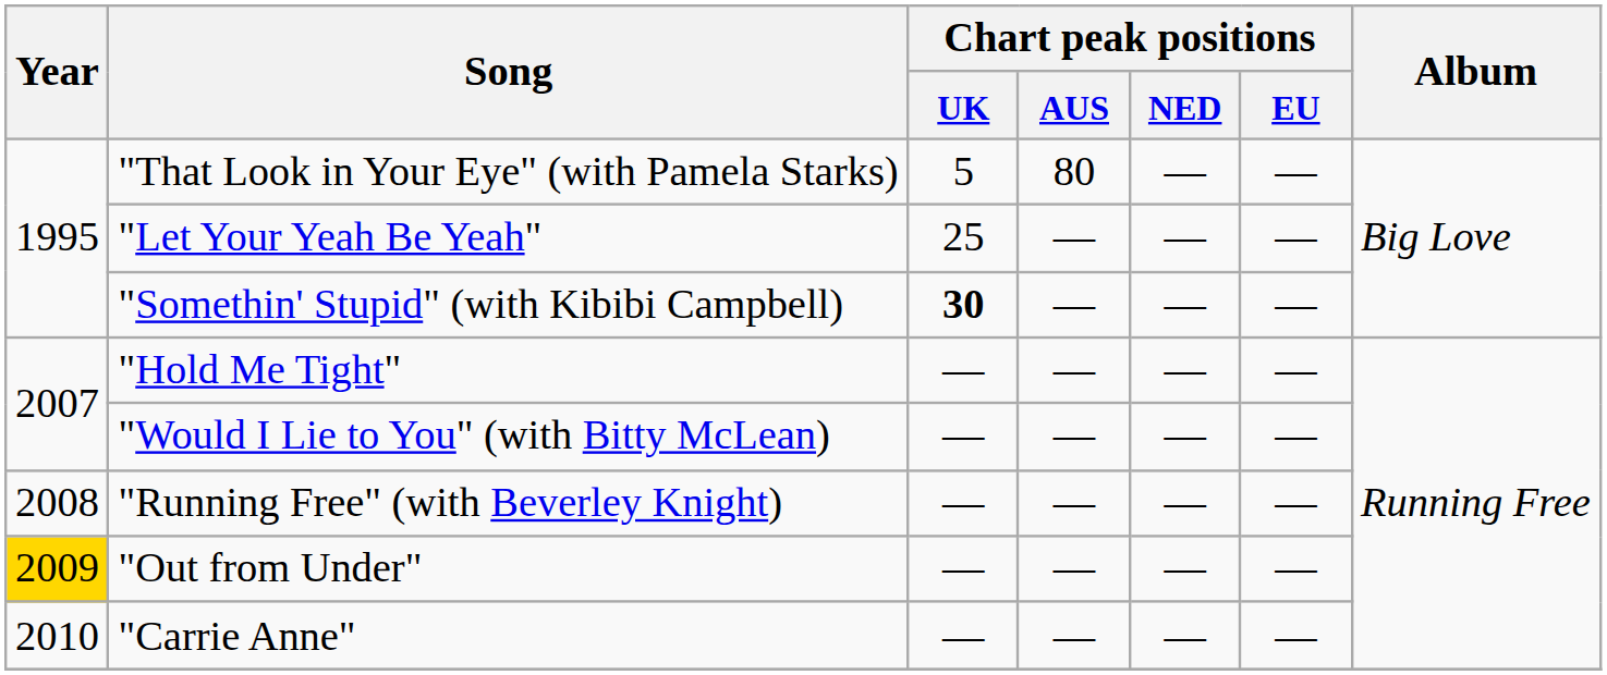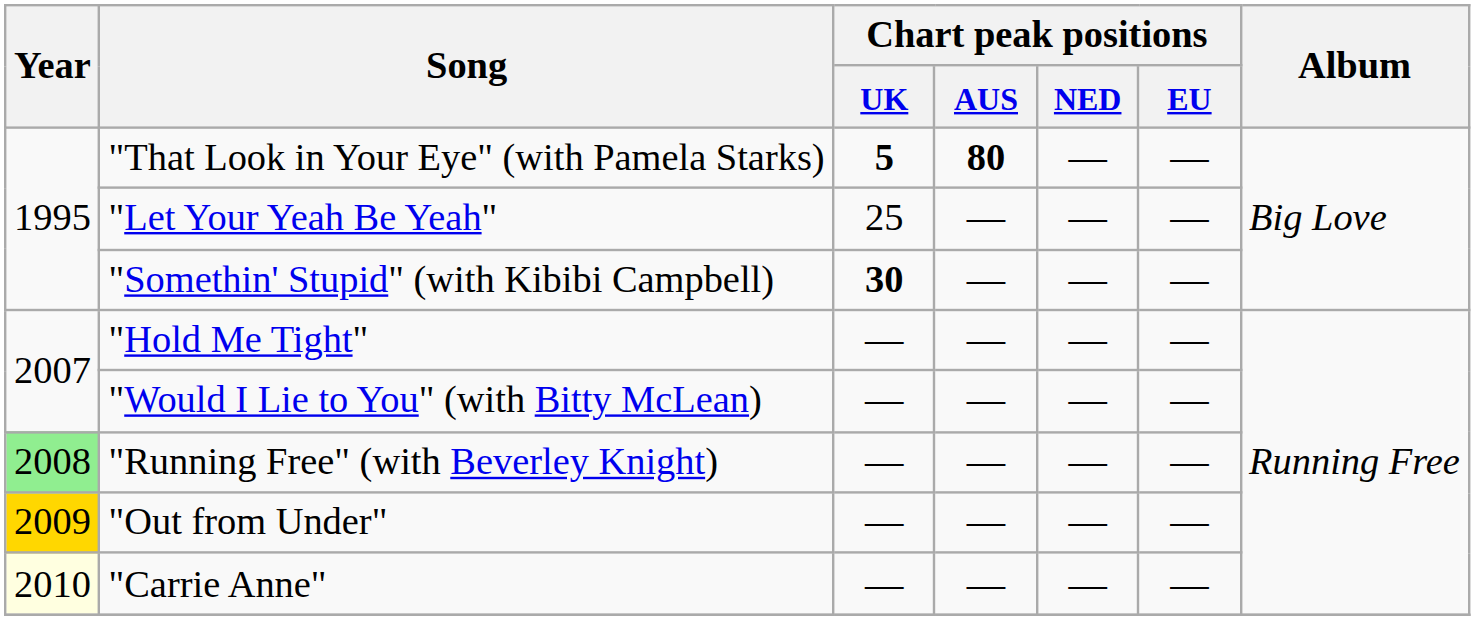 <table class="wikitable">
 <tr>
 <th rowspan="2">Year</th>
 <th rowspan="2">Song</th>
 <th colspan="4">Chart peak positions</th>
 <th rowspan="2">Album</th>
 </tr>
 <tr>
 <th width="35"><small> <a href='#'>UK</a></small><br></th>
 <th width="35"><small> <a href='#'>AUS</a></small><br></th>
 <th width="35"><small> <a href='#'>NED</a></small><br></th>
 <th width="35"><small> <a href='#'>EU</a></small><br></th>
 </tr>
 <tr>
 <td rowspan="3">1995</td>
 <td>"That Look in Your Eye" (with Pamela Starks)</td>
-<td align="center">5</td>
-<td align="center">80</td>
+<td align="center"><strong>5</strong></td>
+<td align="center"><strong>80</strong></td>
 <td align="center">—</td>
 <td align="center">—</td>
 <td rowspan="3"><em>Big Love</em></td>
 </tr>
 <tr>
 <td>"<a href='#'>Let Your Yeah Be Yeah</a>"</td>
 <td align="center">25</td>
 <td align="center">—</td>
 <td align="center">—</td>
 <td align="center">—</td>
 </tr>
 <tr>
 <td>"<a href='#'>Somethin' Stupid</a>" (with Kibibi Campbell)</td>
 <td align="center"><strong>30</strong></td>
 <td align="center">—</td>
 <td align="center">—</td>
 <td align="center">—</td>
 </tr>
 <tr>
 <td rowspan="2">2007</td>
 <td>"<a href='#'>Hold Me Tight</a>"</td>
 <td align="center">—</td>
 <td align="center">—</td>
 <td align="center">—</td>
 <td align="center">—</td>
 <td rowspan="5"><em>Running Free</em></td>
 </tr>
 <tr>
 <td>"<a href='#'>Would I Lie to You</a>" (with <a href='#'>Bitty McLean</a>)</td>
 <td align="center">—</td>
 <td align="center">—</td>
 <td align="center">—</td>
 <td align="center">—</td>
 </tr>
 <tr>
-<td>2008</td>
+<td style="background: lightgreen;">2008</td>
 <td>"Running Free"  (with <a href='#'>Beverley Knight</a>)</td>
 <td align="center">—</td>
 <td align="center">—</td>
 <td align="center">—</td>
 <td align="center">—</td>
 </tr>
 <tr>
 <td style="background: gold;">2009</td>
 <td>"Out from Under"</td>
 <td align="center">—</td>
 <td align="center">—</td>
 <td align="center">—</td>
 <td align="center">—</td>
 </tr>
 <tr>
-<td>2010</td>
+<td style="background: lightyellow;">2010</td>
 <td>"Carrie Anne"</td>
 <td align="center">—</td>
 <td align="center">—</td>
 <td align="center">—</td>
 <td align="center">—</td>
 </tr>
 <tr>
 </tr>
 </table>
